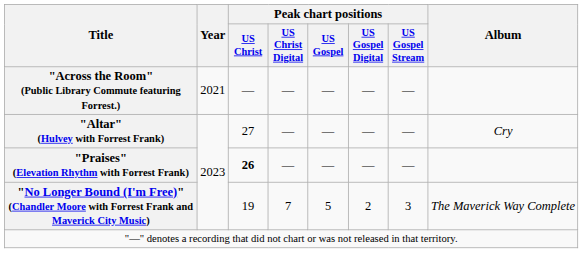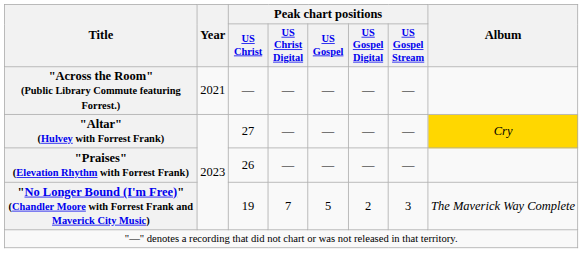 <table class="wikitable plainrowheaders" style="text-align:center;">
 <tr>
 <th scope="col" rowspan="2" style="width:15em;">Title</th>
 <th rowspan="2">Year</th>
 <th colspan="5" scope="col">Peak chart positions</th>
 <th rowspan="2">Album</th>
 </tr>
 <tr style="font-size:smaller;">
 <th scope="col" width="45"><a href='#'>US<br>Christ</a><br></th>
 <th scope="col" width="45"><a href='#'>US<br>Christ<br>Digital</a><br></th>
 <th scope="col" width="45"><a href='#'>US<br>Gospel</a><br></th>
 <th scope="col" width="45"><a href='#'>US<br>Gospel<br>Digital</a><br></th>
 <th scope="col" width="45"><a href='#'>US<br>Gospel<br>Stream</a><br></th>
 </tr>
 <tr>
 <th scope="row">"Across the Room"<br><small>(Public Library Commute featuring Forrest.)</small></th>
 <td>2021</td>
 <td>—</td>
 <td>—</td>
 <td>—</td>
 <td>—</td>
 <td>—</td>
 <td></td>
 </tr>
 <tr>
 <th scope="row">"Altar"<br><small>(<a href='#'>Hulvey</a> with Forrest Frank)</small></th>
 <td rowspan="3">2023</td>
 <td>27</td>
 <td>—</td>
 <td>—</td>
 <td>—</td>
 <td>—</td>
-<td><em>Cry</em></td>
+<td style="background: gold;"><em>Cry</em></td>
 </tr>
 <tr>
 <th scope="row">"Praises"<br><small>(<a href='#'>Elevation Rhythm</a> with Forrest Frank)</small></th>
-<td><strong>26</strong></td>
+<td>26</td>
 <td>—</td>
 <td>—</td>
 <td>—</td>
 <td>—</td>
 <td></td>
 </tr>
 <tr>
 <th scope="row">"<a href='#'>No Longer Bound (I'm Free)</a>"<br><small>(<a href='#'>Chandler Moore</a> with Forrest Frank and <a href='#'>Maverick City Music</a>)</small></th>
 <td>19</td>
 <td>7</td>
 <td>5</td>
 <td>2</td>
 <td>3</td>
 <td><em>The Maverick Way Complete</em></td>
 </tr>
 <tr>
 <td colspan="13" style="font-size:85%">"—" denotes a recording that did not chart or was not released in that territory.</td>
 </tr>
 </table>
